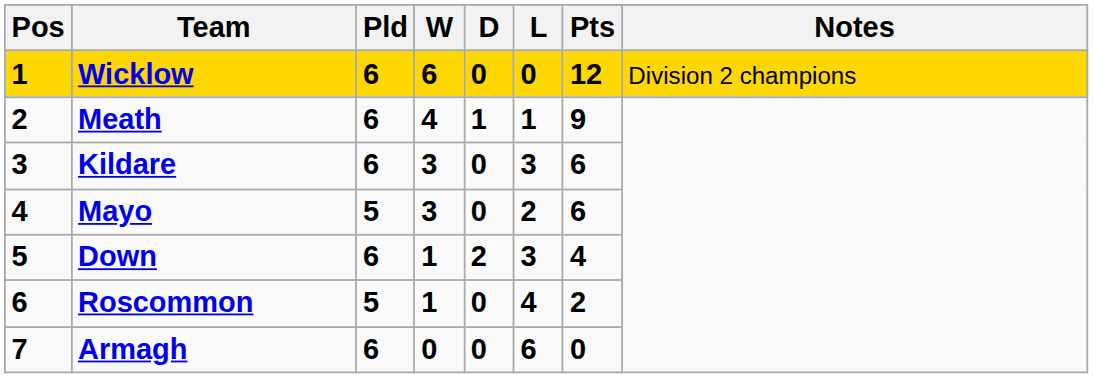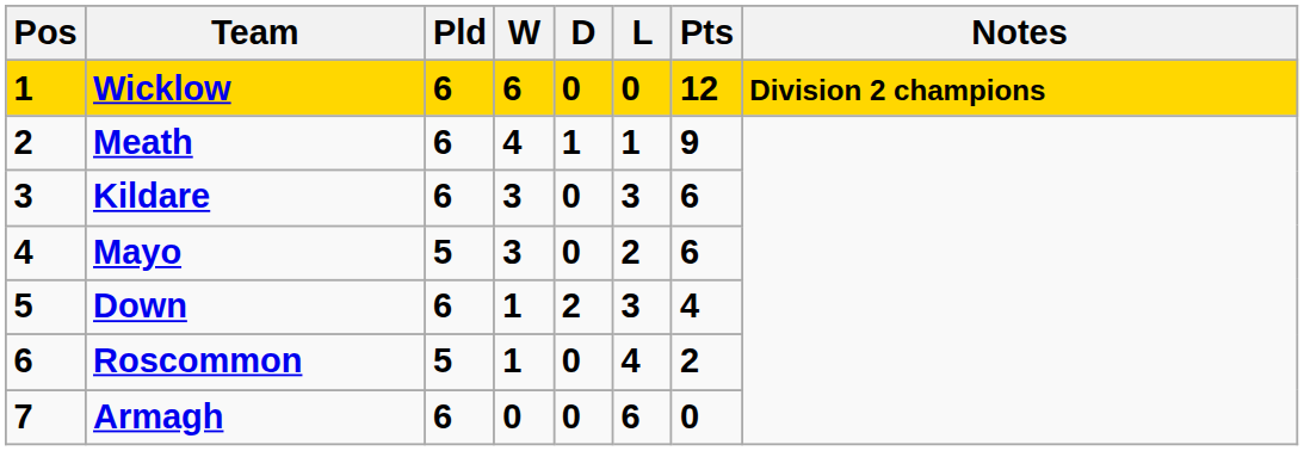 <table class="wikitable" style="text-align: centre;">
 <tr>
 <th width=20>Pos</th>
 <th width=150>Team</th>
 <th width=20>Pld</th>
 <th width=20>W</th>
 <th width=20>D</th>
 <th width=20>L</th>
 <th width=20>Pts</th>
 <th width=250>Notes</th>
 </tr>
 <tr style="background:gold;">
 <td><strong>1</strong></td>
 <td align=left><strong> <a href='#'>Wicklow</a> </strong></td>
 <td><strong>6</strong></td>
 <td><strong>6</strong></td>
 <td><strong>0</strong></td>
 <td><strong>0</strong></td>
 <td><strong>12</strong></td>
-<td><small> Division 2 champions</small></td>
+<td><strong><small> Division 2 champions</small></strong></td>
 </tr>
 <tr style>
 <td><strong>2</strong></td>
 <td align=left><strong> <a href='#'>Meath</a> </strong></td>
 <td><strong>6</strong></td>
 <td><strong>4</strong></td>
 <td><strong>1</strong></td>
 <td><strong>1</strong></td>
 <td><strong>9</strong></td>
 </tr>
 <tr style>
 <td><strong>3</strong></td>
 <td align=left><strong> <a href='#'>Kildare</a> </strong></td>
 <td><strong>6</strong></td>
 <td><strong>3</strong></td>
 <td><strong>0</strong></td>
 <td><strong>3</strong></td>
 <td><strong>6</strong></td>
 </tr>
 <tr style>
 <td><strong>4</strong></td>
 <td align=left><strong> <a href='#'>Mayo</a> </strong></td>
 <td><strong>5</strong></td>
 <td><strong>3</strong></td>
 <td><strong>0</strong></td>
 <td><strong>2</strong></td>
 <td><strong>6</strong></td>
 </tr>
 <tr style>
 <td><strong>5</strong></td>
 <td align=left><strong> <a href='#'>Down</a> </strong></td>
 <td><strong>6</strong></td>
 <td><strong>1</strong></td>
 <td><strong>2</strong></td>
 <td><strong>3</strong></td>
 <td><strong>4</strong></td>
 </tr>
 <tr style>
 <td><strong>6</strong></td>
 <td align=left><strong> <a href='#'>Roscommon</a> </strong></td>
 <td><strong>5</strong></td>
 <td><strong>1</strong></td>
 <td><strong>0</strong></td>
 <td><strong>4</strong></td>
 <td><strong>2</strong></td>
 </tr>
 <tr style>
 <td><strong>7</strong></td>
 <td align=left><strong> <a href='#'>Armagh</a> </strong></td>
 <td><strong>6</strong></td>
 <td><strong>0</strong></td>
 <td><strong>0</strong></td>
 <td><strong>6</strong></td>
 <td><strong>0</strong></td>
 </tr>
 </table>
